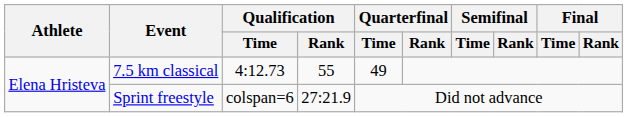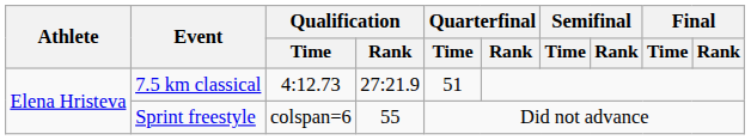 <table class="wikitable" style="font-size:90%">
 <tr>
 <th rowspan="2">Athlete</th>
 <th rowspan="2">Event</th>
 <th colspan="2">Qualification</th>
 <th colspan="2">Quarterfinal</th>
 <th colspan="2">Semifinal</th>
 <th colspan="2">Final</th>
 </tr>
 <tr style="font-size:95%">
 <th>Time</th>
 <th>Rank</th>
 <th>Time</th>
 <th>Rank</th>
 <th>Time</th>
 <th>Rank</th>
 <th>Time</th>
 <th>Rank</th>
 </tr>
 <tr align=center>
 <td align=left rowspan=2><a href='#'>Elena Hristeva</a></td>
 <td align=left><a href='#'>7.5 km classical</a></td>
 <td>4:12.73</td>
-<td>55</td>
-<td>49</td>
+<td>27:21.9</td>
+<td>51</td>
 </tr>
 <tr align=center>
 <td align=left><a href='#'>Sprint freestyle</a></td>
 <td>colspan=6</td>
-<td>27:21.9</td>
+<td>55</td>
 <td colspan=6>Did not advance</td>
 </tr>
 </table>
